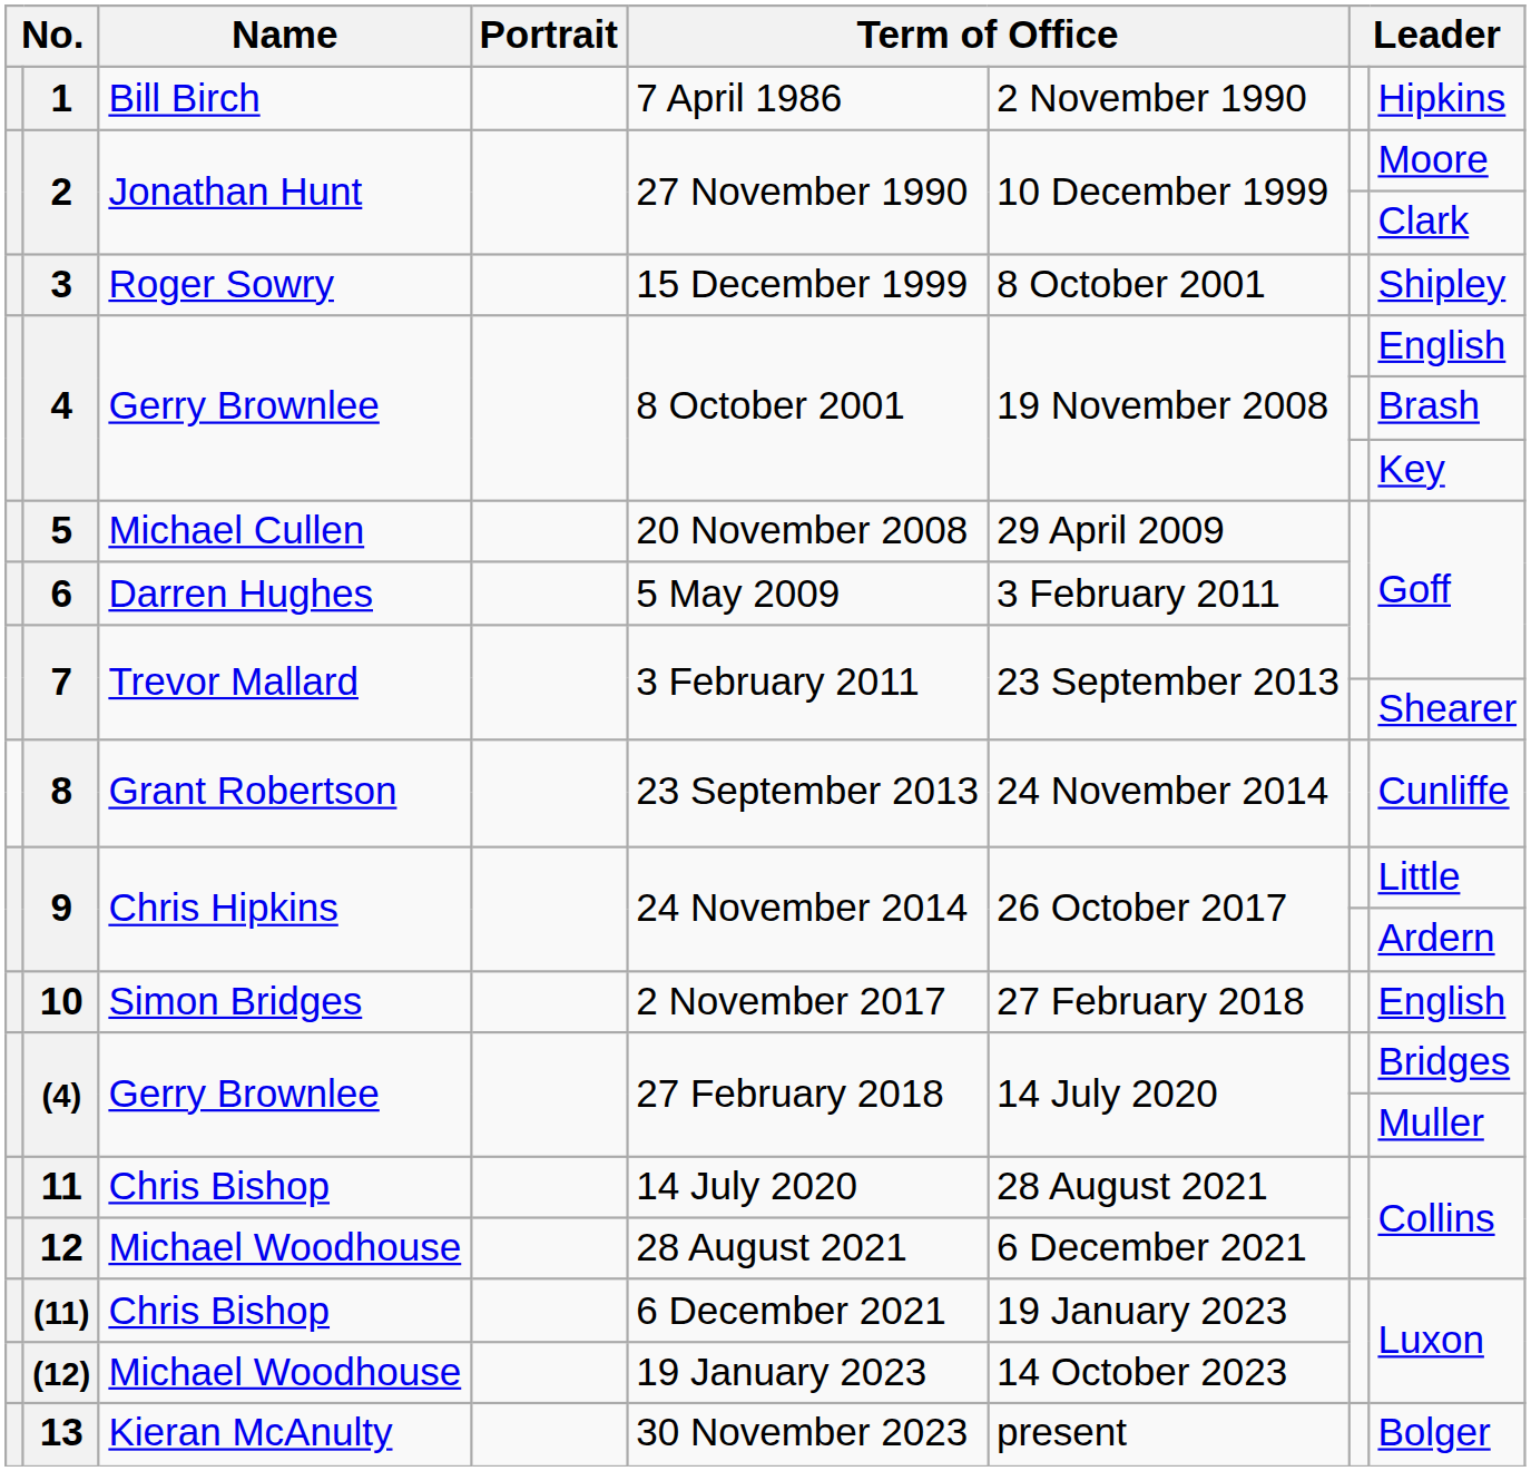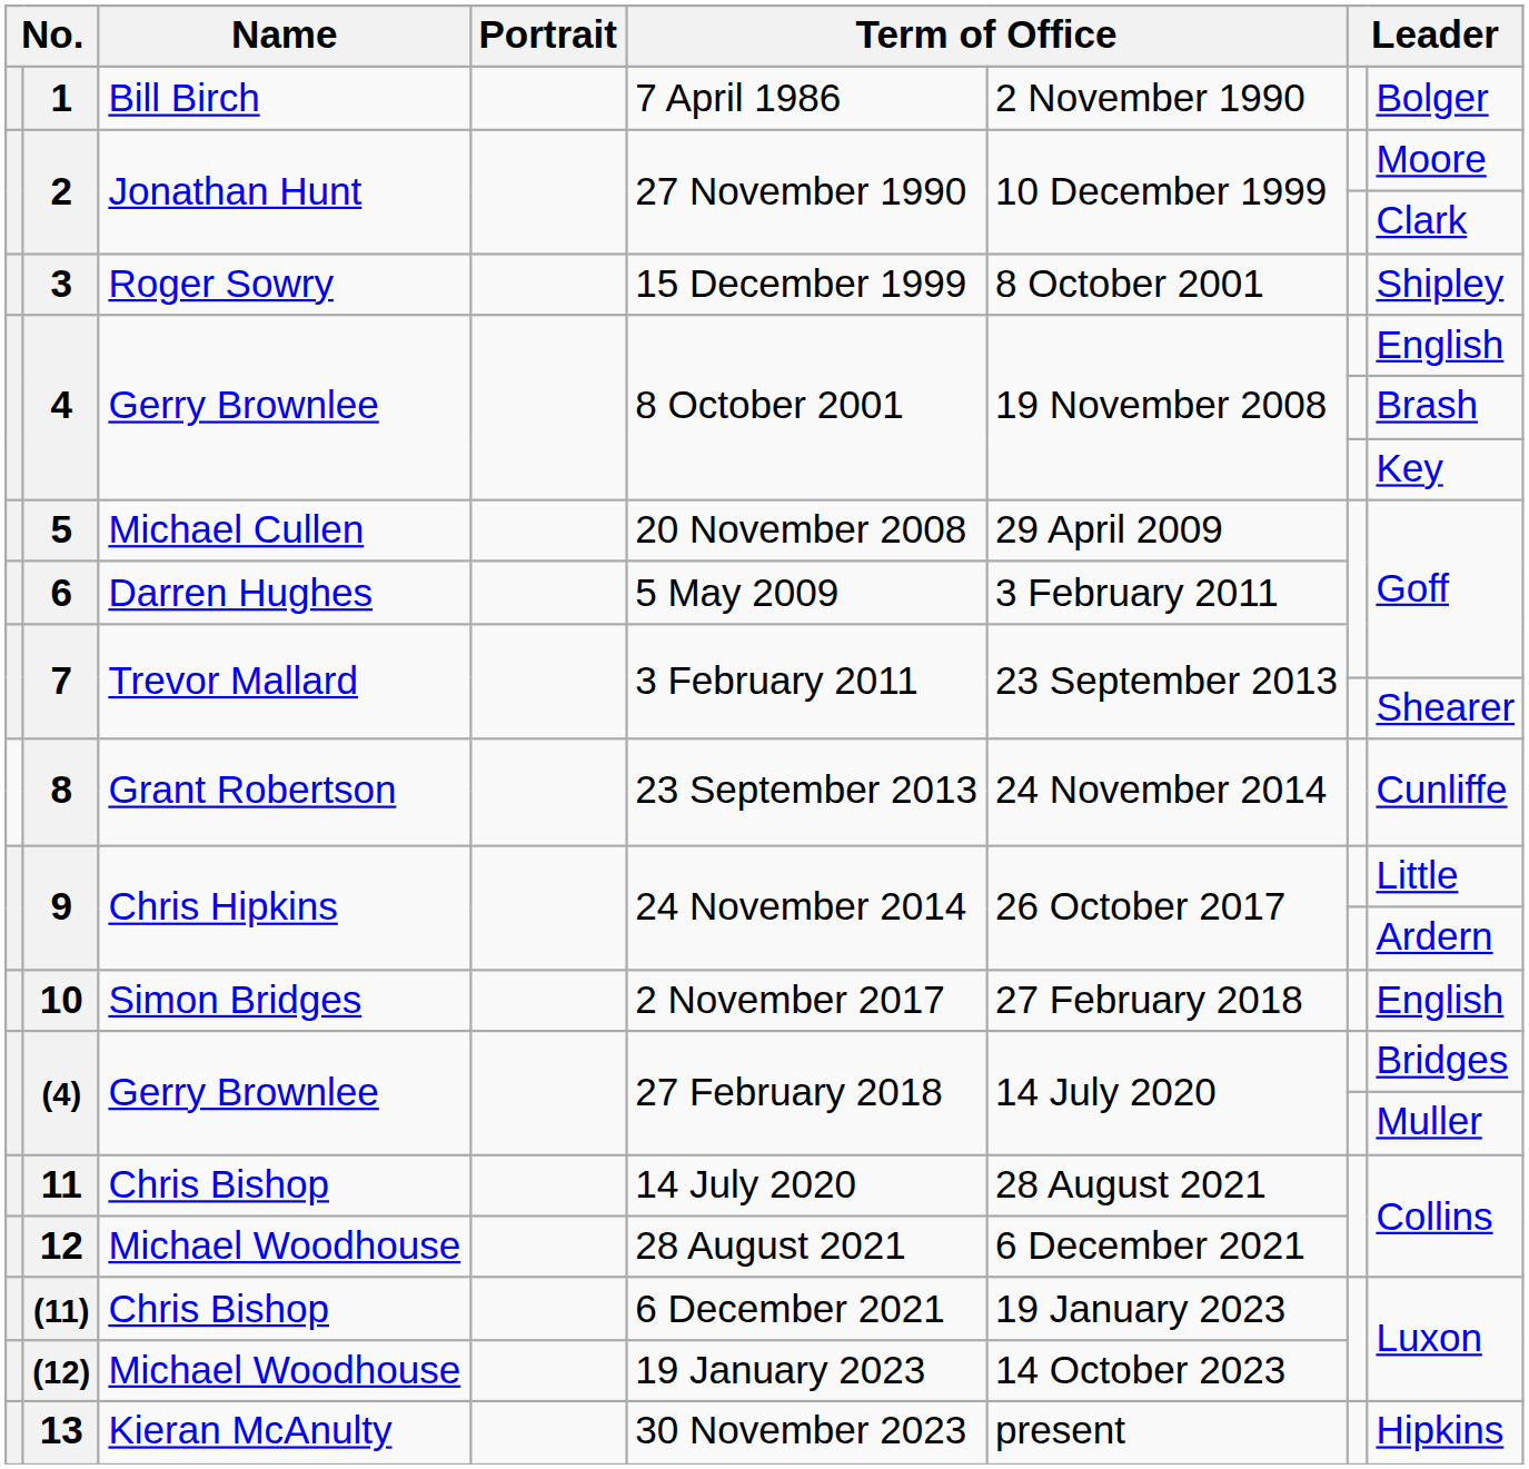 <table class="wikitable">
 <tr>
 <th colspan=2>No.</th>
 <th>Name</th>
 <th>Portrait</th>
 <th colspan=2>Term of Office</th>
 <th colspan=2>Leader</th>
 </tr>
 <tr>
 <th style="color:inherit;background:"></th>
 <th>1</th>
 <td><a href='#'>Bill Birch</a></td>
 <td></td>
 <td>7 April 1986</td>
 <td>2 November 1990</td>
 <td width=1 style="color:inherit;background:"></td>
-<td><a href='#'>Hipkins</a></td>
+<td><a href='#'>Bolger</a></td>
 </tr>
 <tr>
 <th rowspan=2 style="color:inherit;background:"></th>
 <th rowspan=2>2</th>
 <td rowspan=2><a href='#'>Jonathan Hunt</a></td>
 <td rowspan=2></td>
 <td rowspan=2>27 November 1990</td>
 <td rowspan=2>10 December 1999</td>
 <td style="color:inherit;background:"></td>
 <td><a href='#'>Moore</a></td>
 </tr>
 <tr>
 <td style="color:inherit;background:"></td>
 <td><a href='#'>Clark</a></td>
 </tr>
 <tr>
 <th style="color:inherit;background:"></th>
 <th>3</th>
 <td><a href='#'>Roger Sowry</a></td>
 <td></td>
 <td>15 December 1999</td>
 <td>8 October 2001</td>
 <td width=1 style="color:inherit;background:"></td>
 <td><a href='#'>Shipley</a></td>
 </tr>
 <tr>
 <th rowspan=3 style="color:inherit;background:"></th>
 <th rowspan=3>4</th>
 <td rowspan=3><a href='#'>Gerry Brownlee</a></td>
 <td rowspan=3></td>
 <td rowspan=3>8 October 2001</td>
 <td rowspan=3>19 November 2008</td>
 <td style="color:inherit;background:"></td>
 <td><a href='#'>English</a></td>
 </tr>
 <tr>
 <td style="color:inherit;background:"></td>
 <td><a href='#'>Brash</a></td>
 </tr>
 <tr>
 <td style="color:inherit;background:"></td>
 <td><a href='#'>Key</a></td>
 </tr>
 <tr>
 <th style="color:inherit;background:"></th>
 <th>5</th>
 <td><a href='#'>Michael Cullen</a></td>
 <td></td>
 <td>20 November 2008</td>
 <td>29 April 2009</td>
 <td rowspan=2 style="border-bottom:solid 0 grey; background:"></td>
 <td rowspan=3><a href='#'>Goff</a></td>
 </tr>
 <tr>
 <th style="color:inherit;background:"></th>
 <th>6</th>
 <td><a href='#'>Darren Hughes</a></td>
 <td></td>
 <td>5 May 2009</td>
 <td>3 February 2011</td>
 </tr>
 <tr>
 <th rowspan=2 style="color:inherit;background:"></th>
 <th rowspan=2>7</th>
 <td rowspan=2><a href='#'>Trevor Mallard</a></td>
 <td rowspan=2></td>
 <td rowspan=2>3 February 2011</td>
 <td rowspan=2>23 September 2013</td>
 <td height=15 style="border-top:solid 0 grey; background:"></td>
 </tr>
 <tr>
 <td height=15 style="color:inherit;background:"></td>
 <td><a href='#'>Shearer</a></td>
 </tr>
 <tr>
 <td height=15 style="border-bottom:solid 0 grey; background:"></td>
 <th rowspan=2>8</th>
 <td rowspan=2><a href='#'>Grant Robertson</a></td>
 <td rowspan=2></td>
 <td rowspan=2>23 September 2013</td>
 <td rowspan=2>24 November 2014</td>
 <td rowspan="2" style="color:inherit;background:"></td>
 <td rowspan="2"><a href='#'>Cunliffe</a></td>
 </tr>
 <tr>
 <td height=15 style="border-top:solid 0 grey; background:"></td>
 </tr>
 <tr>
 <th rowspan=2 style="color:inherit;background:"></th>
 <th rowspan=2>9</th>
 <td rowspan=2><a href='#'>Chris Hipkins</a></td>
 <td rowspan=2></td>
 <td rowspan=2>24 November 2014</td>
 <td rowspan=2>26 October 2017</td>
 <td height=15 style="border-top:solid 0 grey; background:"></td>
 <td><a href='#'>Little</a></td>
 </tr>
 <tr>
 <td height=15 style="color:inherit;background:"></td>
 <td><a href='#'>Ardern</a></td>
 </tr>
 <tr>
 <th style="color:inherit;background:"></th>
 <th>10</th>
 <td><a href='#'>Simon Bridges</a></td>
 <td></td>
 <td>2 November 2017</td>
 <td>27 February 2018</td>
 <td width=1 style="color:inherit;background:"></td>
 <td><a href='#'>English</a></td>
 </tr>
 <tr>
 <th rowspan=2 style="color:inherit;background:"></th>
 <th rowspan=2><small>(4)</small></th>
 <td rowspan=2><a href='#'>Gerry Brownlee</a></td>
 <td rowspan=2></td>
 <td rowspan=2>27 February 2018</td>
 <td rowspan=2>14 July 2020</td>
 <td style="color:inherit;background:"></td>
 <td><a href='#'>Bridges</a></td>
 </tr>
 <tr>
 <td style="color:inherit;background:"></td>
 <td><a href='#'>Muller</a></td>
 </tr>
 <tr>
 <th style="color:inherit;background:"></th>
 <th>11</th>
 <td><a href='#'>Chris Bishop</a></td>
 <td></td>
 <td>14 July 2020</td>
 <td>28 August 2021</td>
 <td rowspan="2" width="1" style="color:inherit;background:"></td>
 <td rowspan="2"><a href='#'>Collins</a></td>
 </tr>
 <tr>
 <th style="color:inherit;background:"></th>
 <th>12</th>
 <td><a href='#'>Michael Woodhouse</a></td>
 <td></td>
 <td>28 August 2021</td>
 <td>6 December 2021</td>
 </tr>
 <tr>
 <th style="color:inherit;background:"></th>
 <th><small>(11)</small></th>
 <td><a href='#'>Chris Bishop</a></td>
 <td></td>
 <td>6 December 2021</td>
 <td>19 January 2023</td>
 <td rowspan="2" width="1" style="color:inherit;background:"></td>
 <td rowspan="2"><a href='#'>Luxon</a></td>
 </tr>
 <tr>
 <th style="color:inherit;background:"></th>
 <th><small>(12)</small></th>
 <td><a href='#'>Michael Woodhouse</a></td>
 <td></td>
 <td>19 January 2023</td>
 <td>14 October 2023</td>
 </tr>
 <tr>
 <th style="color:inherit;background:"></th>
 <th>13</th>
 <td><a href='#'>Kieran McAnulty</a></td>
 <td></td>
 <td>30 November 2023</td>
 <td>present</td>
 <td width=1 style="color:inherit;background:"></td>
-<td><a href='#'>Bolger</a></td>
+<td><a href='#'>Hipkins</a></td>
 </tr>
 </table>
